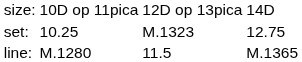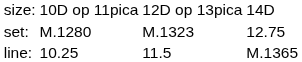 <table style="margin-left:40px;">
 <tr>
 <td>size:</td>
 <td>10D op 11pica</td>
 <td>12D op 13pica</td>
 <td>14D</td>
 </tr>
 <tr>
 <td>set:</td>
-<td>10.25</td>
+<td>M.1280</td>
 <td>M.1323</td>
 <td>12.75</td>
 </tr>
 <tr>
 <td>line:</td>
-<td>M.1280</td>
+<td>10.25</td>
 <td>11.5</td>
 <td>M.1365</td>
 </tr>
 </table>
